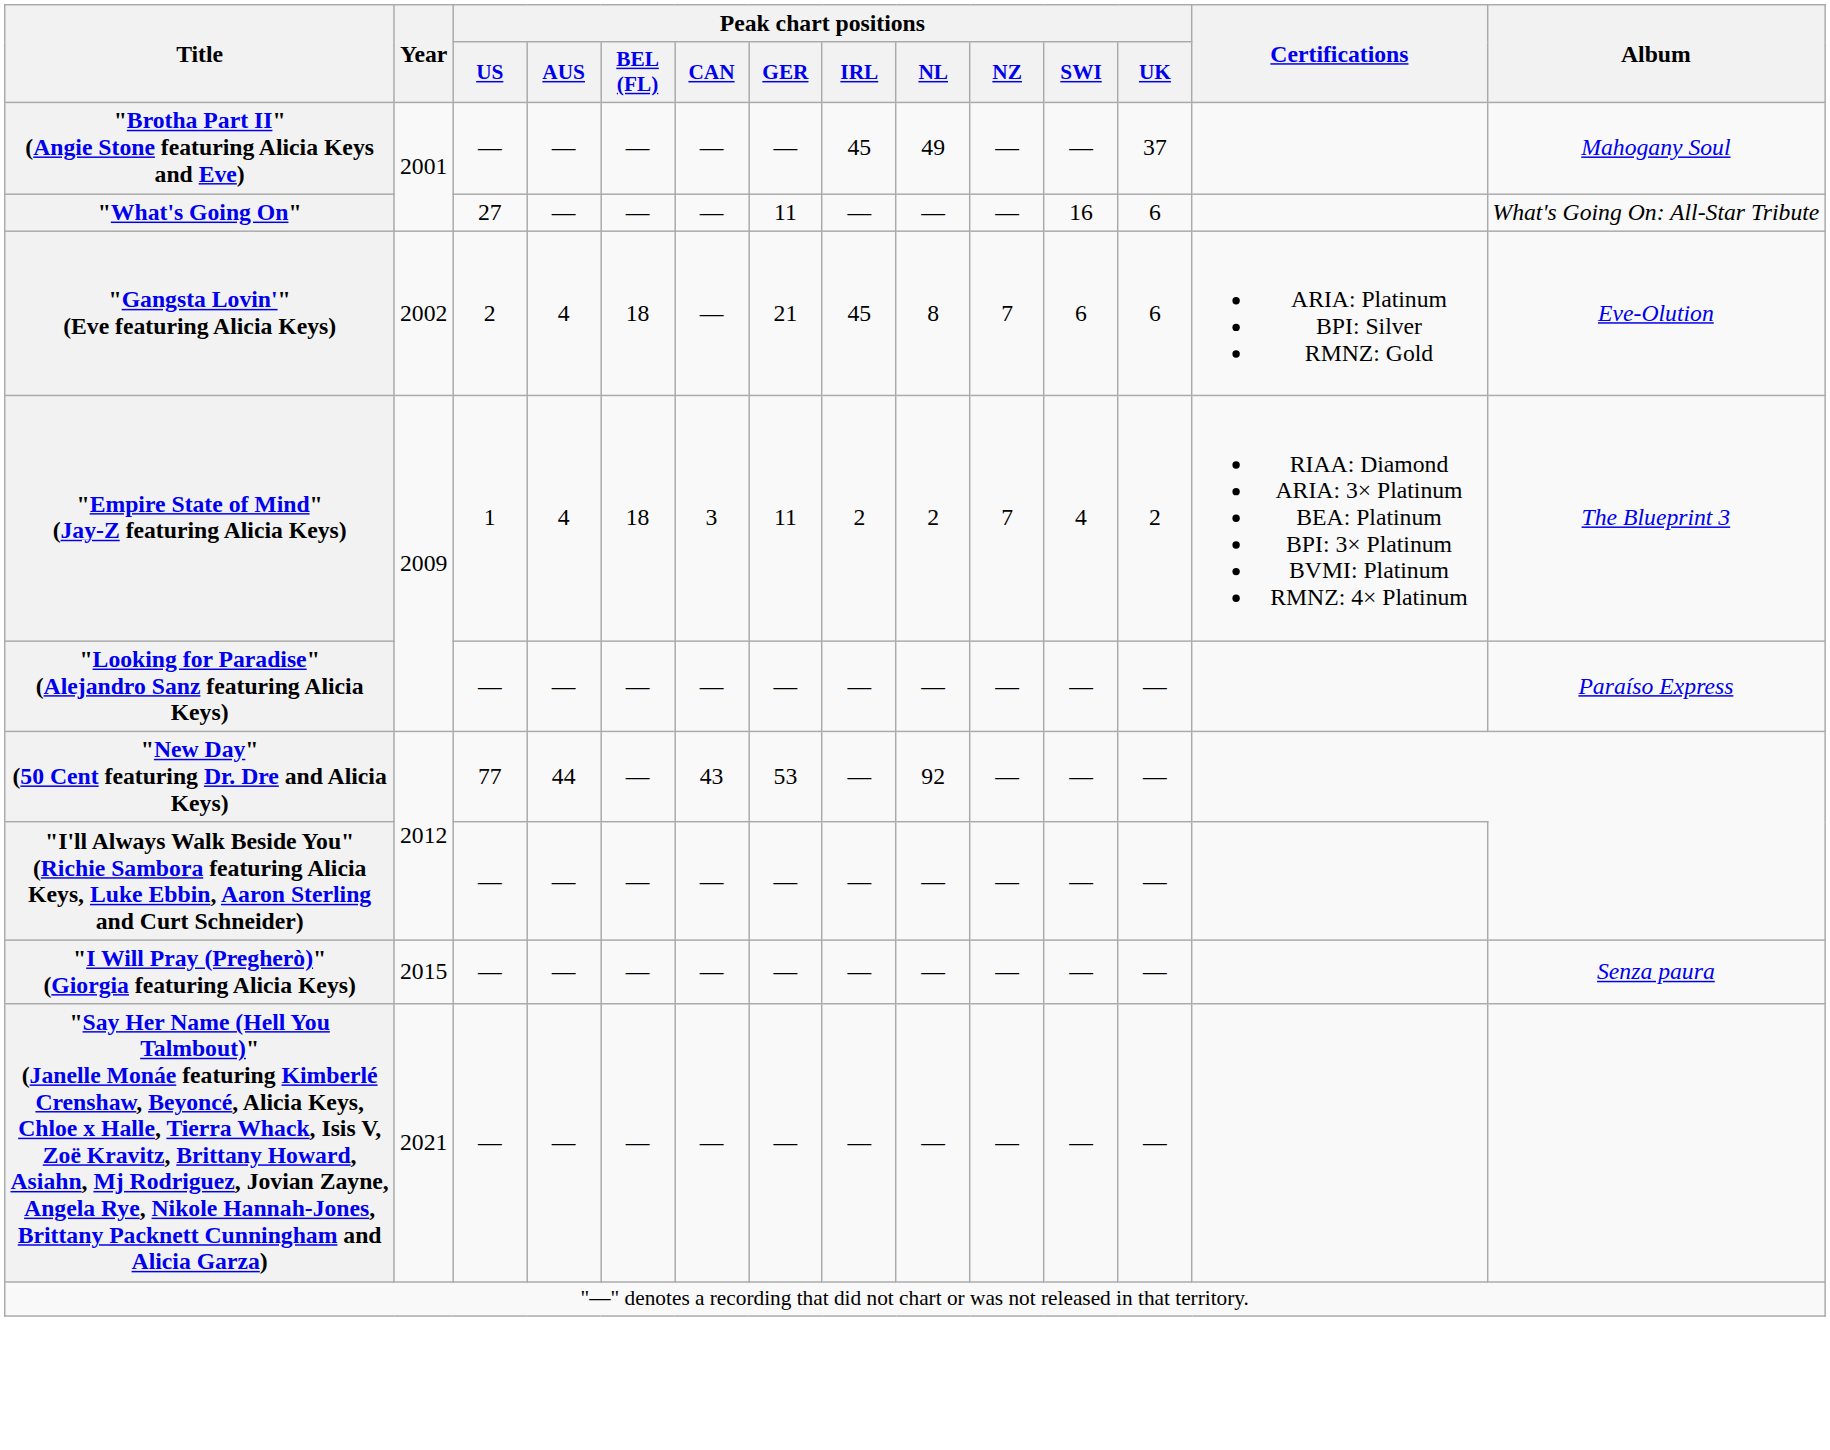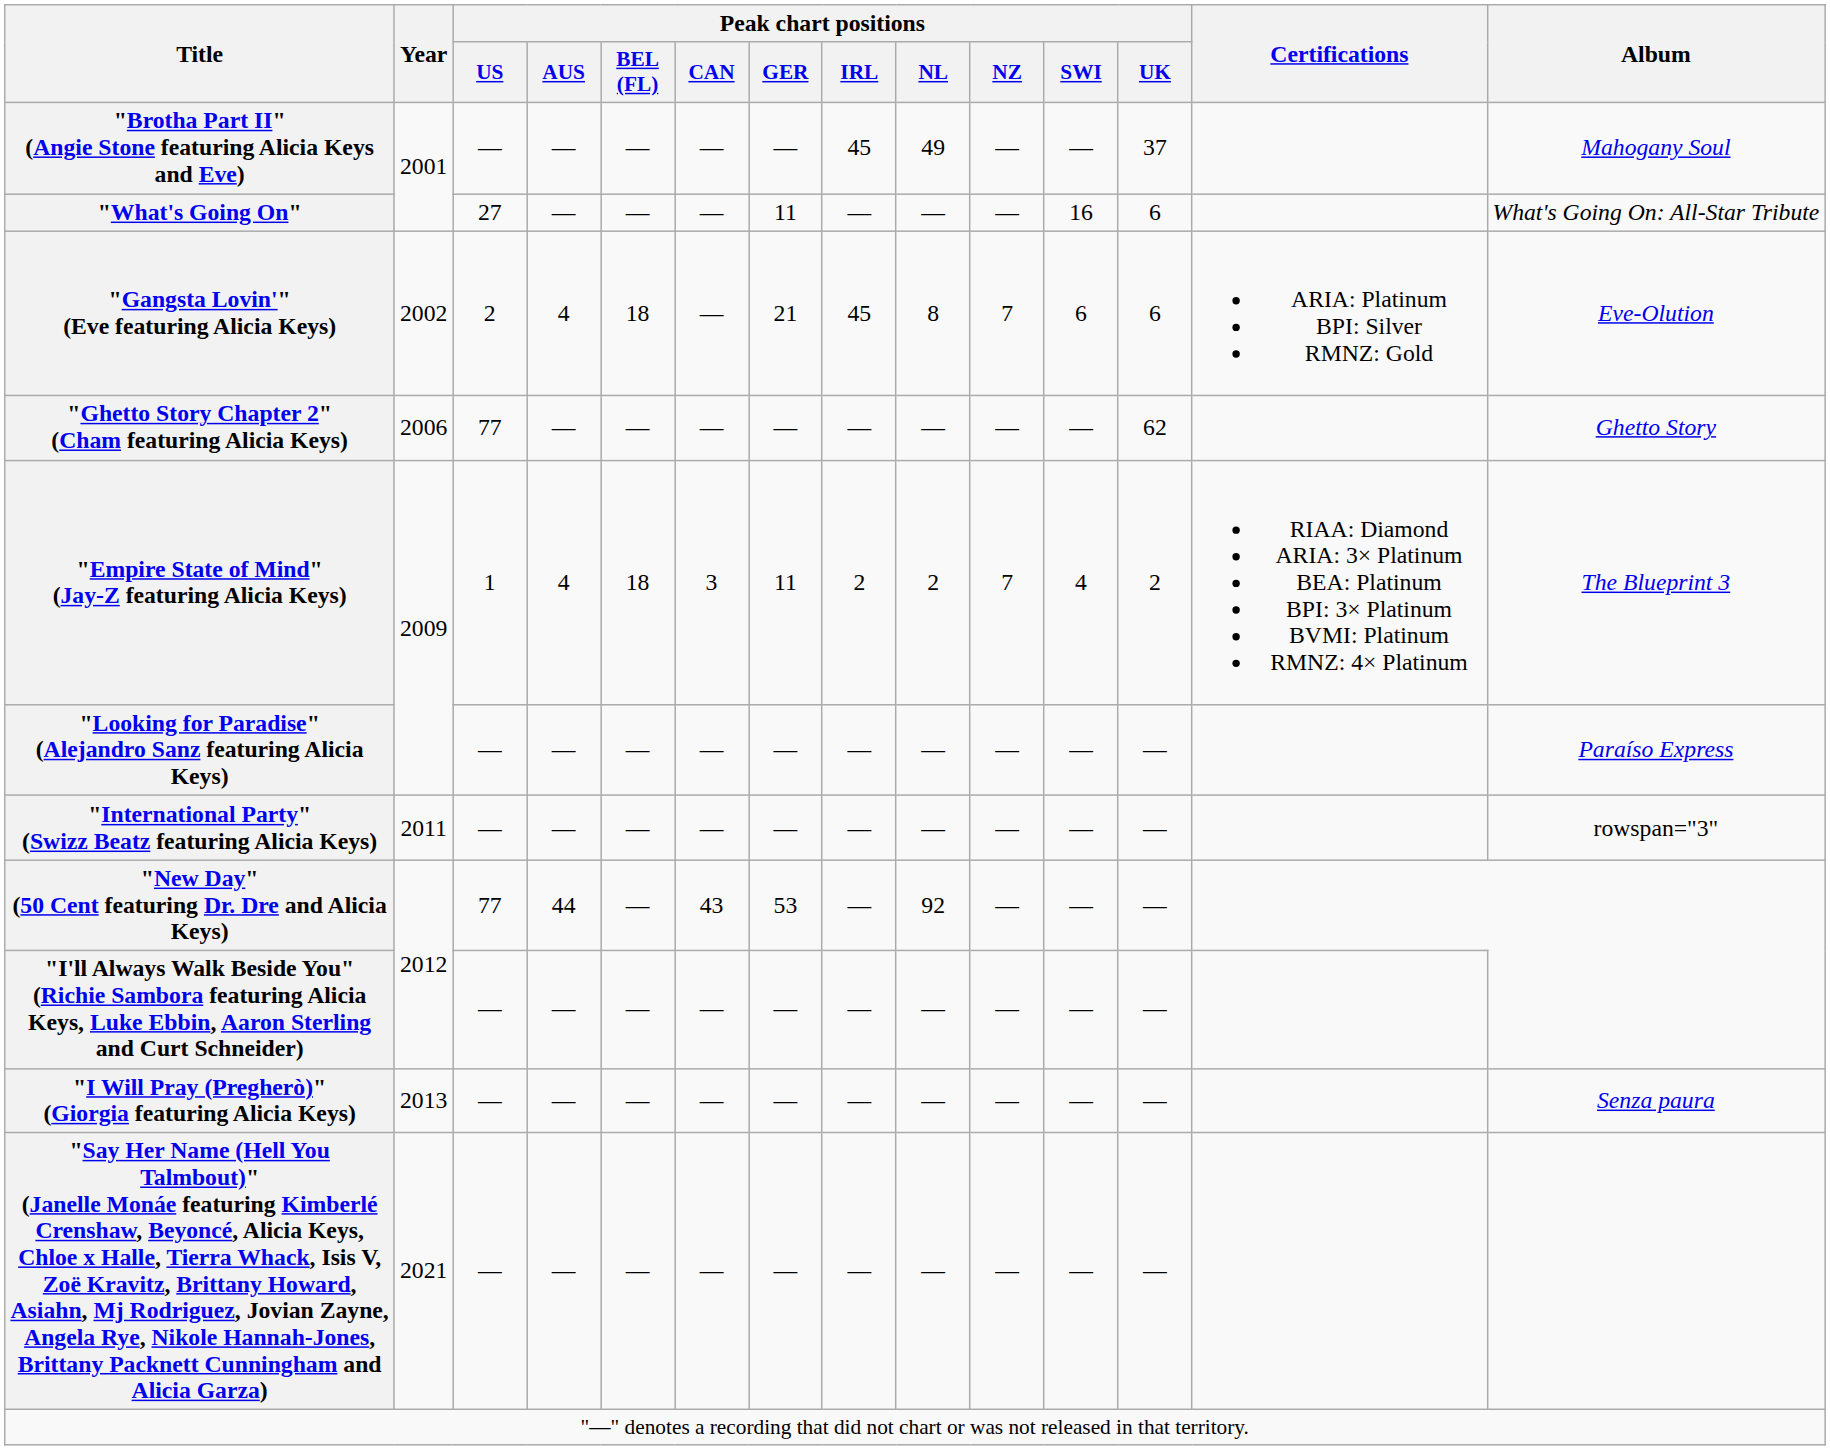 <table class="wikitable plainrowheaders" style="text-align:center;" border="1">
 <tr>
 <th scope="col" rowspan="2" style="width:16em;">Title</th>
 <th scope="col" rowspan="2">Year</th>
 <th scope="col" colspan="10">Peak chart positions</th>
 <th scope="col" rowspan="2" style="width:12em;"><a href='#'>Certifications</a></th>
 <th scope="col" rowspan="2">Album</th>
 </tr>
 <tr>
 <th scope="col" style="width:3em;font-size:90%;"><a href='#'>US</a><br></th>
 <th scope="col" style="width:3em;font-size:90%;"><a href='#'>AUS</a><br></th>
 <th scope="col" style="width:3em;font-size:90%;"><a href='#'>BEL<br>(FL)</a><br></th>
 <th scope="col" style="width:3em;font-size:90%;"><a href='#'>CAN</a><br></th>
 <th scope="col" style="width:3em;font-size:90%;"><a href='#'>GER</a><br></th>
 <th scope="col" style="width:3em;font-size:90%;"><a href='#'>IRL</a><br></th>
 <th scope="col" style="width:3em;font-size:90%;"><a href='#'>NL</a><br></th>
 <th scope="col" style="width:3em;font-size:90%;"><a href='#'>NZ</a><br></th>
 <th scope="col" style="width:3em;font-size:90%;"><a href='#'>SWI</a><br></th>
 <th scope="col" style="width:3em;font-size:90%;"><a href='#'>UK</a><br></th>
 </tr>
 <tr>
 <th scope="row">"<a href='#'>Brotha Part II</a>"<br><span>(<a href='#'>Angie Stone</a> featuring Alicia Keys and <a href='#'>Eve</a>)</span></th>
 <td rowspan="2">2001</td>
 <td>—</td>
 <td>—</td>
 <td>—</td>
 <td>—</td>
 <td>—</td>
 <td>45</td>
 <td>49</td>
 <td>—</td>
 <td>—</td>
 <td>37</td>
 <td></td>
 <td><em><a href='#'>Mahogany Soul</a></em></td>
 </tr>
 <tr>
 <th scope="row">"<a href='#'>What's Going On</a>" <br> </th>
 <td>27</td>
 <td>—</td>
 <td>—</td>
 <td>—</td>
 <td>11</td>
 <td>—</td>
 <td>—</td>
 <td>—</td>
 <td>16</td>
 <td>6</td>
 <td></td>
 <td><em>What's Going On: All-Star Tribute</em></td>
 </tr>
 <tr>
 <th scope="row">"<a href='#'>Gangsta Lovin'</a>"<br><span>(Eve featuring Alicia Keys)</span></th>
 <td>2002</td>
 <td>2</td>
 <td>4</td>
 <td>18</td>
 <td>—</td>
 <td>21</td>
 <td>45</td>
 <td>8</td>
 <td>7</td>
 <td>6</td>
 <td>6</td>
 <td><br><ul><li>ARIA: Platinum</li><li>BPI: Silver</li><li>RMNZ: Gold</li></ul></td>
 <td><em><a href='#'>Eve-Olution</a></em></td>
 </tr>
 <tr>
+<th scope="row">"<a href='#'>Ghetto Story Chapter 2</a>"<br><span>(<a href='#'>Cham</a> featuring Alicia Keys)</span></th>
+<td>2006</td>
+<td>77</td>
+<td>—</td>
+<td>—</td>
+<td>—</td>
+<td>—</td>
+<td>—</td>
+<td>—</td>
+<td>—</td>
+<td>—</td>
+<td>62</td>
+<td></td>
+<td><em><a href='#'>Ghetto Story</a></em></td>
+</tr>
+<tr>
 <th scope="row">"<a href='#'>Empire State of Mind</a>"<br><span>(<a href='#'>Jay-Z</a> featuring Alicia Keys)</span></th>
 <td rowspan="2">2009</td>
 <td>1</td>
 <td>4</td>
 <td>18</td>
 <td>3</td>
 <td>11</td>
 <td>2</td>
 <td>2</td>
 <td>7</td>
 <td>4</td>
 <td>2</td>
 <td><br><ul><li>RIAA: Diamond</li><li>ARIA: 3× Platinum</li><li>BEA: Platinum</li><li>BPI: 3× Platinum</li><li>BVMI: Platinum</li><li>RMNZ: 4× Platinum</li></ul></td>
 <td><em><a href='#'>The Blueprint 3</a></em></td>
 </tr>
 <tr>
 <th scope="row">"<a href='#'>Looking for Paradise</a>"<br><span>(<a href='#'>Alejandro Sanz</a> featuring Alicia Keys)</span></th>
 <td>—</td>
 <td>—</td>
 <td>—</td>
 <td>—</td>
 <td>—</td>
 <td>—</td>
 <td>—</td>
 <td>—</td>
 <td>—</td>
 <td>—</td>
 <td></td>
 <td><em><a href='#'>Paraíso Express</a></em></td>
 </tr>
 <tr>
+<th scope="row">"<a href='#'>International Party</a>"<br><span>(<a href='#'>Swizz Beatz</a> featuring Alicia Keys)</span></th>
+<td>2011</td>
+<td>—</td>
+<td>—</td>
+<td>—</td>
+<td>—</td>
+<td>—</td>
+<td>—</td>
+<td>—</td>
+<td>—</td>
+<td>—</td>
+<td>—</td>
+<td></td>
+<td>rowspan="3" </td>
+</tr>
+<tr>
 <th scope="row">"<a href='#'>New Day</a>"<br><span>(<a href='#'>50 Cent</a> featuring <a href='#'>Dr. Dre</a> and Alicia Keys)</span></th>
 <td rowspan="2">2012</td>
 <td>77</td>
 <td>44</td>
 <td>—</td>
 <td>43</td>
 <td>53</td>
 <td>—</td>
 <td>92</td>
 <td>—</td>
 <td>—</td>
 <td>—</td>
 </tr>
 <tr>
 <th scope="row">"I'll Always Walk Beside You"<br><span>(<a href='#'>Richie Sambora</a> featuring Alicia Keys, <a href='#'>Luke Ebbin</a>, <a href='#'>Aaron Sterling</a> and Curt Schneider)</span></th>
 <td>—</td>
 <td>—</td>
 <td>—</td>
 <td>—</td>
 <td>—</td>
 <td>—</td>
 <td>—</td>
 <td>—</td>
 <td>—</td>
 <td>—</td>
 <td></td>
 </tr>
 <tr>
 <th scope="row">"<a href='#'>I Will Pray (Pregherò)</a>"<br><span>(<a href='#'>Giorgia</a> featuring Alicia Keys)</span></th>
-<td>2015</td>
+<td>2013</td>
 <td>—</td>
 <td>—</td>
 <td>—</td>
 <td>—</td>
 <td>—</td>
 <td>—</td>
 <td>—</td>
 <td>—</td>
 <td>—</td>
 <td>—</td>
 <td></td>
 <td><em><a href='#'>Senza paura</a></em></td>
 </tr>
 <tr>
 <th scope="row">"<a href='#'>Say Her Name (Hell You Talmbout)</a>"<br><span>(<a href='#'>Janelle Monáe</a> featuring <a href='#'>Kimberlé Crenshaw</a>, <a href='#'>Beyoncé</a>, Alicia Keys, <a href='#'>Chloe x Halle</a>, <a href='#'>Tierra Whack</a>, Isis V, <a href='#'>Zoë Kravitz</a>, <a href='#'>Brittany Howard</a>, <a href='#'>Asiahn</a>, <a href='#'>Mj Rodriguez</a>, Jovian Zayne, <a href='#'>Angela Rye</a>, <a href='#'>Nikole Hannah-Jones</a>, <a href='#'>Brittany Packnett Cunningham</a> and <a href='#'>Alicia Garza</a>)</span></th>
 <td>2021</td>
 <td>—</td>
 <td>—</td>
 <td>—</td>
 <td>—</td>
 <td>—</td>
 <td>—</td>
 <td>—</td>
 <td>—</td>
 <td>—</td>
 <td>—</td>
 <td></td>
 <td></td>
 </tr>
 <tr>
 <td colspan="14" style="font-size:90%">"—" denotes a recording that did not chart or was not released in that territory.</td>
 </tr>
 </table>
